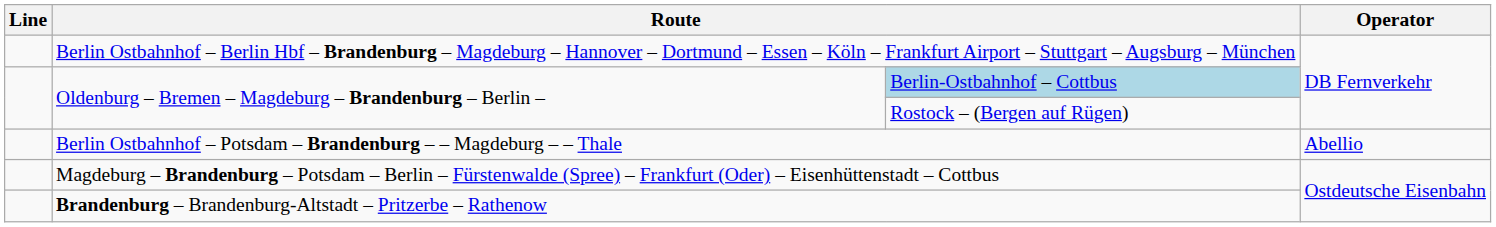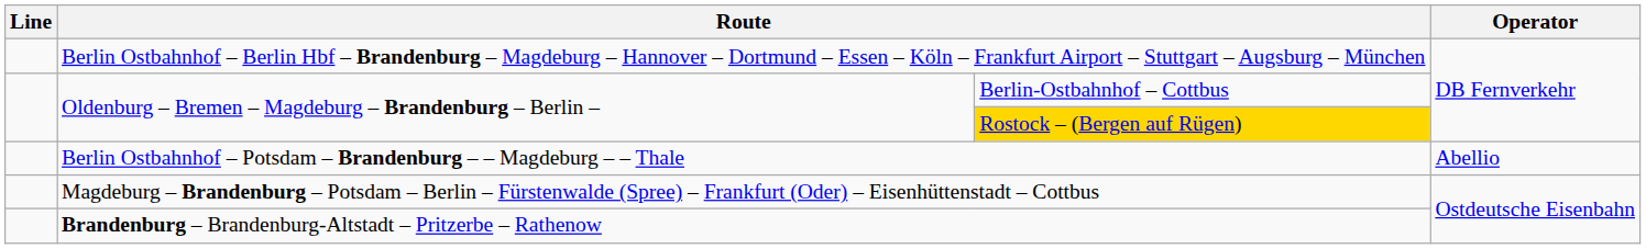 <table class="wikitable">
 <tr>
 <th>Line</th>
 <th colspan="2">Route</th>
 <th>Operator</th>
 </tr>
 <tr>
 <td align="center"></td>
 <td colspan="2"><a href='#'>Berlin Ostbahnhof</a> – <a href='#'>Berlin Hbf</a> – <strong>Brandenburg</strong> – <a href='#'>Magdeburg</a> – <a href='#'>Hannover</a> – <a href='#'>Dortmund</a> – <a href='#'>Essen</a> – <a href='#'>Köln</a> – <a href='#'>Frankfurt Airport</a> – <a href='#'>Stuttgart</a> – <a href='#'>Augsburg</a> – <a href='#'>München</a></td>
 <td rowspan="3"><a href='#'>DB Fernverkehr</a></td>
 </tr>
 <tr>
 <td rowspan="2" align="center"></td>
 <td rowspan="2"> <a href='#'>Oldenburg</a> – <a href='#'>Bremen</a> – <a href='#'>Magdeburg</a> – <strong>Brandenburg</strong> – Berlin –</td>
-<td style="background: lightblue;"><a href='#'>Berlin-Ostbahnhof</a> – <a href='#'>Cottbus</a></td>
+<td><a href='#'>Berlin-Ostbahnhof</a> – <a href='#'>Cottbus</a></td>
 </tr>
 <tr>
-<td><a href='#'>Rostock</a> – (<a href='#'>Bergen auf Rügen</a>)</td>
+<td style="background: gold;"><a href='#'>Rostock</a> – (<a href='#'>Bergen auf Rügen</a>)</td>
 </tr>
 <tr>
 <td align="center"></td>
 <td colspan="2"><a href='#'>Berlin Ostbahnhof</a> – Potsdam – <strong>Brandenburg</strong> –  – Magdeburg –  – <a href='#'>Thale</a></td>
 <td><a href='#'>Abellio</a></td>
 </tr>
 <tr>
 <td align="center"></td>
 <td colspan="2">Magdeburg – <strong>Brandenburg</strong> – Potsdam – Berlin – <a href='#'>Fürstenwalde (Spree)</a> – <a href='#'>Frankfurt (Oder)</a> – Eisenhüttenstadt – Cottbus</td>
 <td rowspan="2"><a href='#'>Ostdeutsche Eisenbahn</a></td>
 </tr>
 <tr>
 <td align="center"></td>
 <td colspan="2"><strong>Brandenburg</strong> – Brandenburg-Altstadt – <a href='#'>Pritzerbe</a> – <a href='#'>Rathenow</a></td>
 </tr>
 </table>
